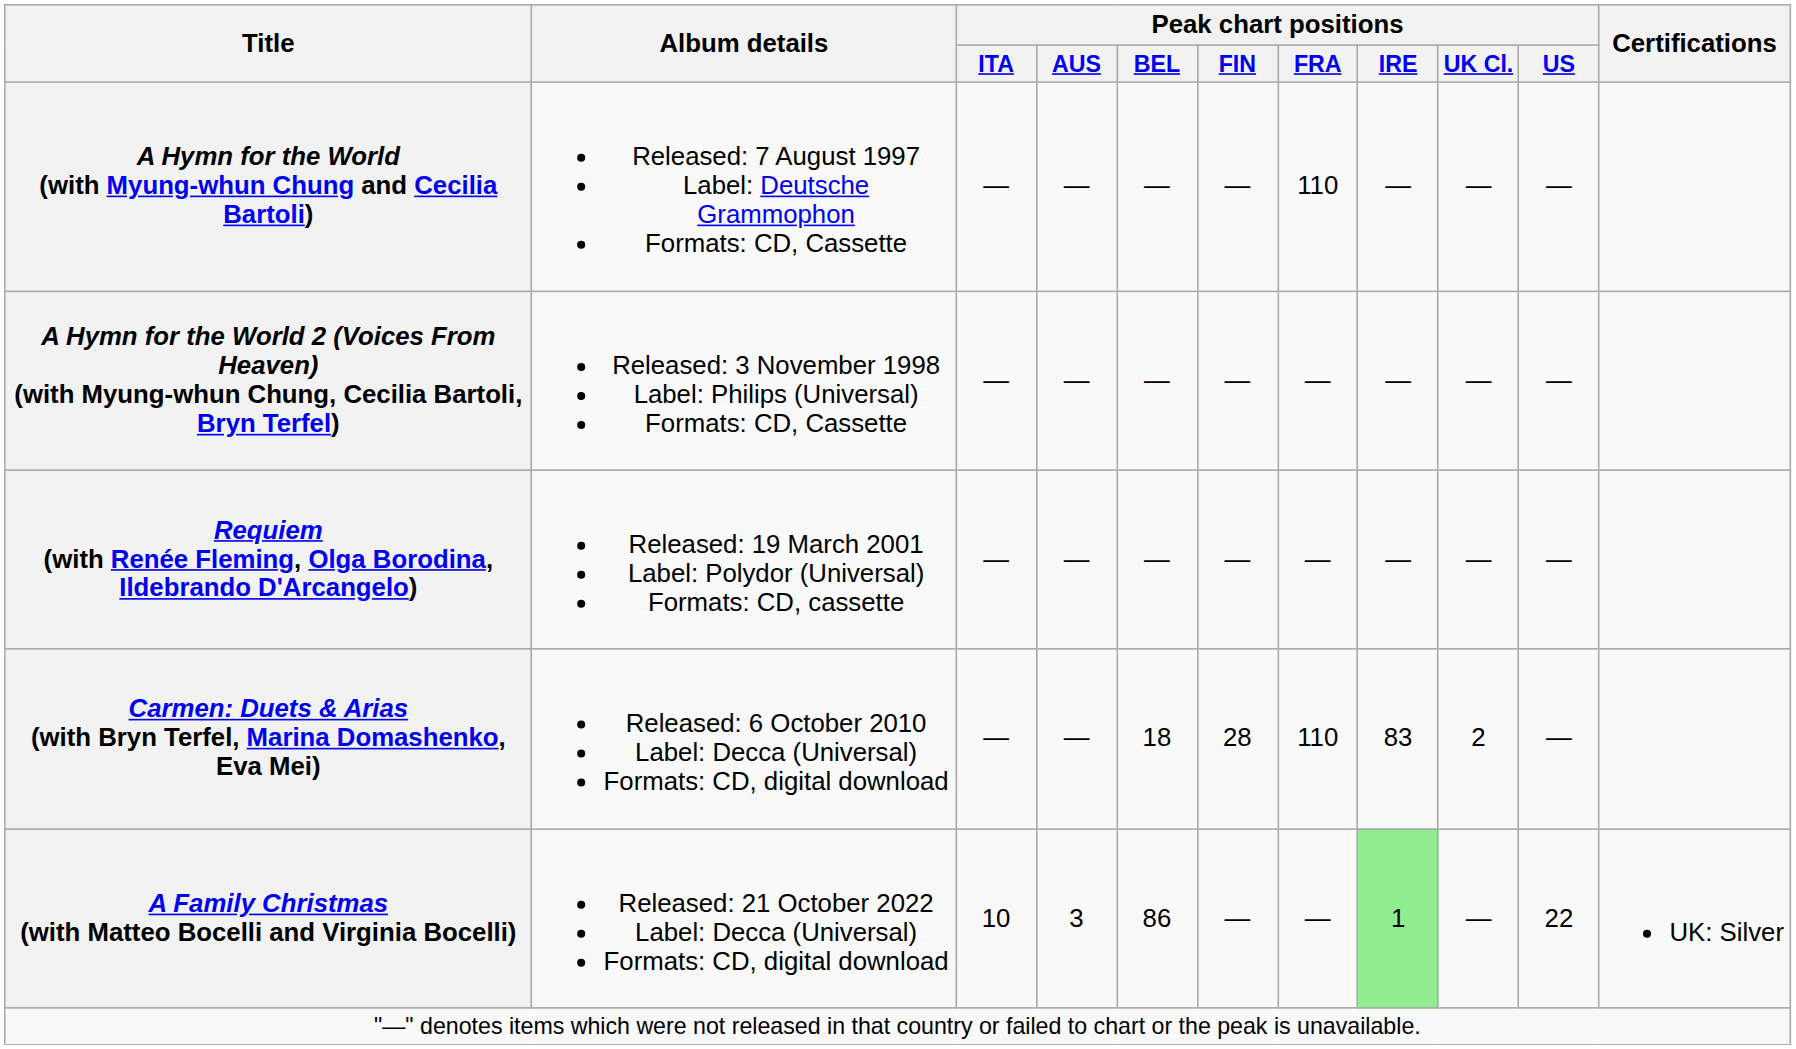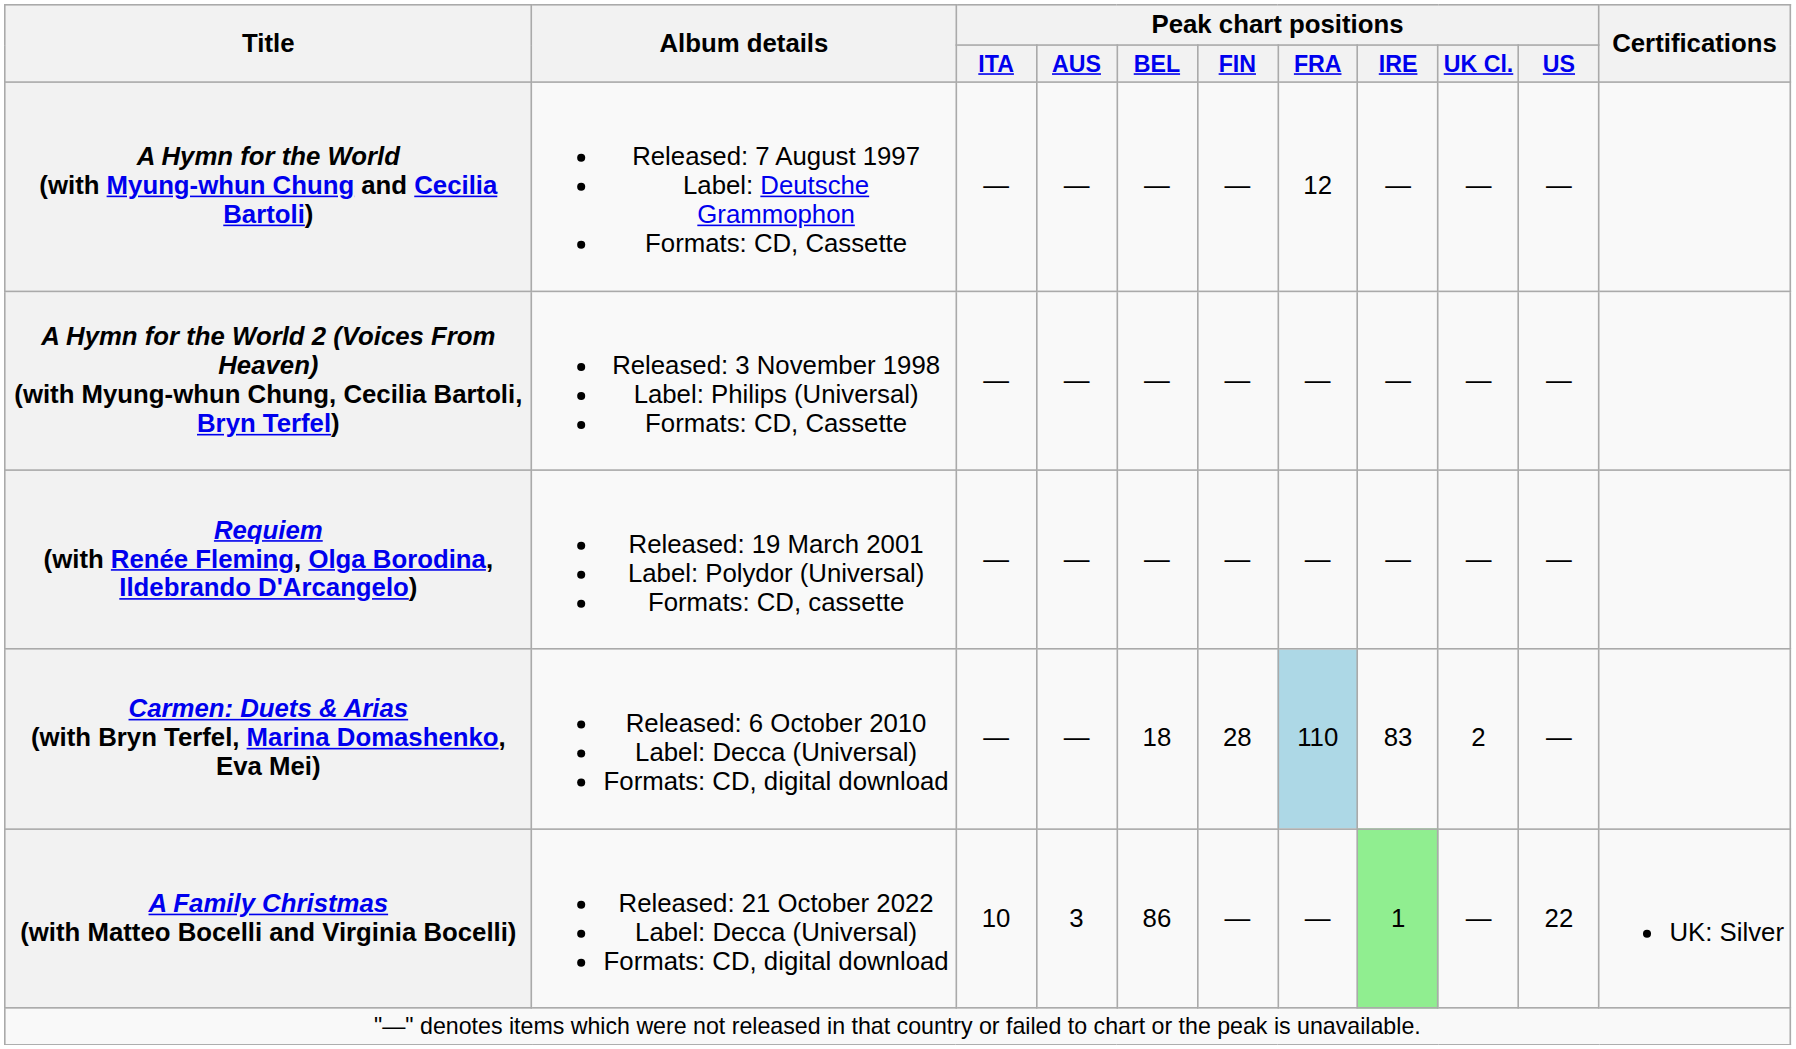 <table class="wikitable plainrowheaders" style="text-align:center;">
 <tr>
 <th scope="col" rowspan="2" style="width:20em;">Title</th>
 <th scope="col" rowspan="2" style="width:16em;">Album details</th>
 <th scope="col" colspan="8">Peak chart positions</th>
 <th scope="col" rowspan="2">Certifications</th>
 </tr>
 <tr>
 <th scope="col" style="width:3em;font-size:90%;"><a href='#'>ITA</a><br></th>
 <th scope="col" style="width:3em;font-size:90%;"><a href='#'>AUS</a><br></th>
 <th scope="col" style="width:3em;font-size:90%;"><a href='#'>BEL</a><br></th>
 <th scope="col" style="width:3em;font-size:90%;"><a href='#'>FIN</a><br></th>
 <th scope="col" style="width:3em;font-size:90%;"><a href='#'>FRA</a><br></th>
 <th scope="col" style="width:3em;font-size:90%;"><a href='#'>IRE</a><br></th>
 <th scope="col" style="width:3em;font-size:90%;"><a href='#'>UK Cl.</a><br></th>
 <th scope="col" style="width:3em;font-size:90%;"><a href='#'>US</a><br></th>
 </tr>
 <tr>
 <th scope="row"><em>A Hymn for the World</em><br><span>(with <a href='#'>Myung-whun Chung</a> and <a href='#'>Cecilia Bartoli</a>)</span></th>
 <td><br><ul><li>Released: 7 August 1997</li><li>Label: <a href='#'>Deutsche Grammophon</a></li><li>Formats: CD, Cassette</li></ul></td>
 <td>—</td>
 <td>—</td>
 <td>—</td>
 <td>—</td>
-<td>110</td>
+<td>12</td>
 <td>—</td>
 <td>—</td>
 <td>—</td>
 <td></td>
 </tr>
 <tr>
 <th scope="row"><em>A Hymn for the World 2 (Voices From Heaven)</em><br><span>(with Myung-whun Chung, Cecilia Bartoli, <a href='#'>Bryn Terfel</a>)</span></th>
 <td><br><ul><li>Released: 3 November 1998</li><li>Label: Philips (Universal)</li><li>Formats: CD, Cassette</li></ul></td>
 <td>—</td>
 <td>—</td>
 <td>—</td>
 <td>—</td>
 <td>—</td>
 <td>—</td>
 <td>—</td>
 <td>—</td>
 <td></td>
 </tr>
 <tr>
 <th scope="row"><em><a href='#'>Requiem</a></em><br><span>(with <a href='#'>Renée Fleming</a>, <a href='#'>Olga Borodina</a>, <a href='#'>Ildebrando D'Arcangelo</a>)</span></th>
 <td><br><ul><li>Released: 19 March 2001</li><li>Label: Polydor (Universal)</li><li>Formats: CD, cassette</li></ul></td>
 <td>—</td>
 <td>—</td>
 <td>—</td>
 <td>—</td>
 <td>—</td>
 <td>—</td>
 <td>—</td>
 <td>—</td>
 <td></td>
 </tr>
 <tr>
 <th scope="row"><em><a href='#'>Carmen: Duets & Arias</a></em><br><span>(with Bryn Terfel, <a href='#'>Marina Domashenko</a>, Eva Mei)</span></th>
 <td><br><ul><li>Released: 6 October 2010</li><li>Label: Decca (Universal)</li><li>Formats: CD, digital download</li></ul></td>
 <td>—</td>
 <td>—</td>
 <td>18</td>
 <td>28</td>
-<td>110</td>
+<td style="background: lightblue;">110</td>
 <td>83</td>
 <td>2</td>
 <td>—</td>
 <td></td>
 </tr>
 <tr>
 <th scope="row"><em><a href='#'>A Family Christmas</a></em><br><span>(with Matteo Bocelli and Virginia Bocelli)</span></th>
 <td><br><ul><li>Released: 21 October 2022</li><li>Label: Decca (Universal)</li><li>Formats: CD, digital download</li></ul></td>
 <td>10</td>
 <td>3</td>
 <td>86</td>
 <td>—</td>
 <td>—</td>
 <td style="background: lightgreen;">1<br></td>
 <td>—</td>
 <td>22<br></td>
 <td><br><ul><li>UK: Silver</li></ul></td>
 </tr>
 <tr>
 <td colspan="16" style="text-align:center; font-size:90%;">"—" denotes items which were not released in that country or failed to chart or the peak is unavailable.</td>
 </tr>
 </table>
